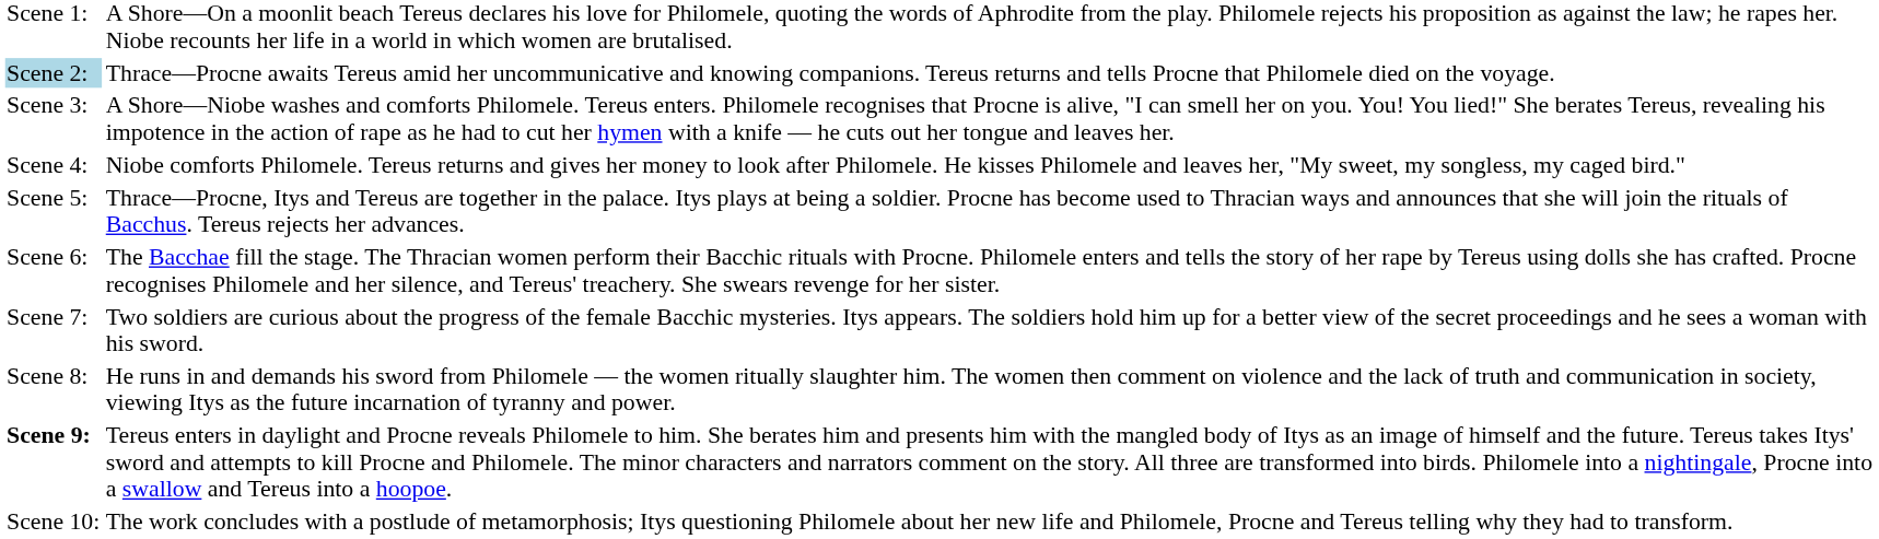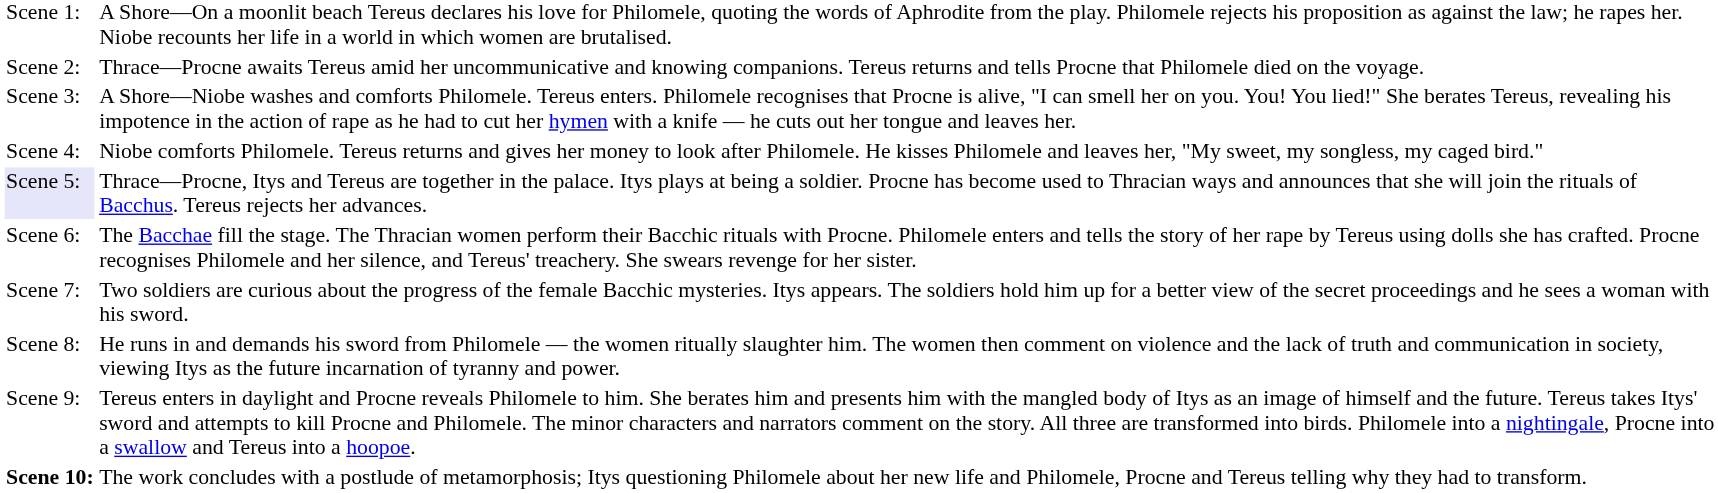 <table>
 <tr valign="top">
 <td>Scene 1:</td>
 <td>A Shore—On a moonlit beach Tereus declares his love for Philomele, quoting the words of Aphrodite from the play. Philomele rejects his proposition as against the law; he rapes her. Niobe recounts her life in a world in which women are brutalised.</td>
 </tr>
 <tr valign="top">
-<td style="background: lightblue;">Scene 2:</td>
+<td>Scene 2:</td>
 <td>Thrace—Procne awaits Tereus amid her uncommunicative and knowing companions. Tereus returns and tells Procne that Philomele died on the voyage.</td>
 </tr>
 <tr valign="top">
 <td>Scene 3:</td>
 <td>A Shore—Niobe washes and comforts Philomele. Tereus enters. Philomele recognises that Procne is alive, "I can smell her on you. You! You lied!" She berates Tereus, revealing his impotence in the action of rape as he had to cut her <a href='#'>hymen</a> with a knife — he cuts out her tongue and leaves her.</td>
 </tr>
 <tr valign="top">
 <td>Scene 4:</td>
 <td>Niobe comforts Philomele. Tereus returns and gives her money to look after Philomele. He kisses Philomele and leaves her, "My sweet, my songless, my caged bird."</td>
 </tr>
 <tr valign="top">
-<td>Scene 5:</td>
+<td style="background: lavender;">Scene 5:</td>
 <td>Thrace—Procne, Itys and Tereus are together in the palace. Itys plays at being a soldier. Procne has become used to Thracian ways and announces that she will join the rituals of <a href='#'>Bacchus</a>. Tereus rejects her advances.</td>
 </tr>
 <tr valign="top">
 <td>Scene 6:</td>
 <td>The <a href='#'>Bacchae</a> fill the stage. The Thracian women perform their Bacchic rituals with Procne. Philomele enters and tells the story of her rape by Tereus using dolls she has crafted. Procne recognises Philomele and her silence, and Tereus' treachery. She swears revenge for her sister.</td>
 </tr>
 <tr valign="top">
 <td>Scene 7:</td>
 <td>Two soldiers are curious about the progress of the female Bacchic mysteries. Itys appears. The soldiers hold him up for a better view of the secret proceedings and he sees a woman with his sword.</td>
 </tr>
 <tr valign="top">
 <td>Scene 8:</td>
 <td>He runs in and demands his sword from Philomele — the women ritually slaughter him. The women then comment on violence and the lack of truth and communication in society, viewing Itys as the future incarnation of tyranny and power.</td>
 </tr>
 <tr valign="top">
-<td><strong>Scene 9:</strong></td>
+<td>Scene 9:</td>
 <td>Tereus enters in daylight and Procne reveals Philomele to him. She berates him and presents him with the mangled body of Itys as an image of himself and the future. Tereus takes Itys' sword and attempts to kill Procne and Philomele. The minor characters and narrators comment on the story. All three are transformed into birds. Philomele into a <a href='#'>nightingale</a>, Procne into a <a href='#'>swallow</a> and Tereus into a <a href='#'>hoopoe</a>.</td>
 </tr>
 <tr valign="top">
-<td>Scene 10:</td>
+<td><strong>Scene 10:</strong></td>
 <td>The work concludes with a postlude of metamorphosis; Itys questioning Philomele about her new life and Philomele, Procne and Tereus telling why they had to transform.</td>
 </tr>
 </table>
